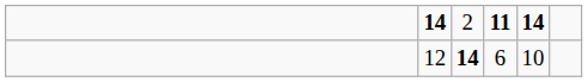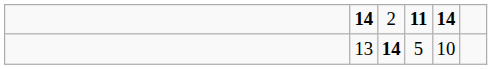 <table class="wikitable">
 <tr>
 <td style="width:18em"></td>
 <td align=center style="width:1em"><strong>14</strong></td>
 <td align=center style="width:1em">2</td>
 <td align=center style="width:1em"><strong>11</strong></td>
 <td align=center style="width:1em"><strong>14</strong></td>
 <td align=center style="width:1em"></td>
 </tr>
 <tr>
 <td style="width:18em"></td>
-<td align=center style="width:1em">12</td>
+<td align=center style="width:1em">13</td>
 <td align=center style="width:1em"><strong>14</strong></td>
-<td align=center style="width:1em">6</td>
+<td align=center style="width:1em">5</td>
 <td align=center style="width:1em">10</td>
 <td align=center style="width:1em"></td>
 </tr>
 </table>
